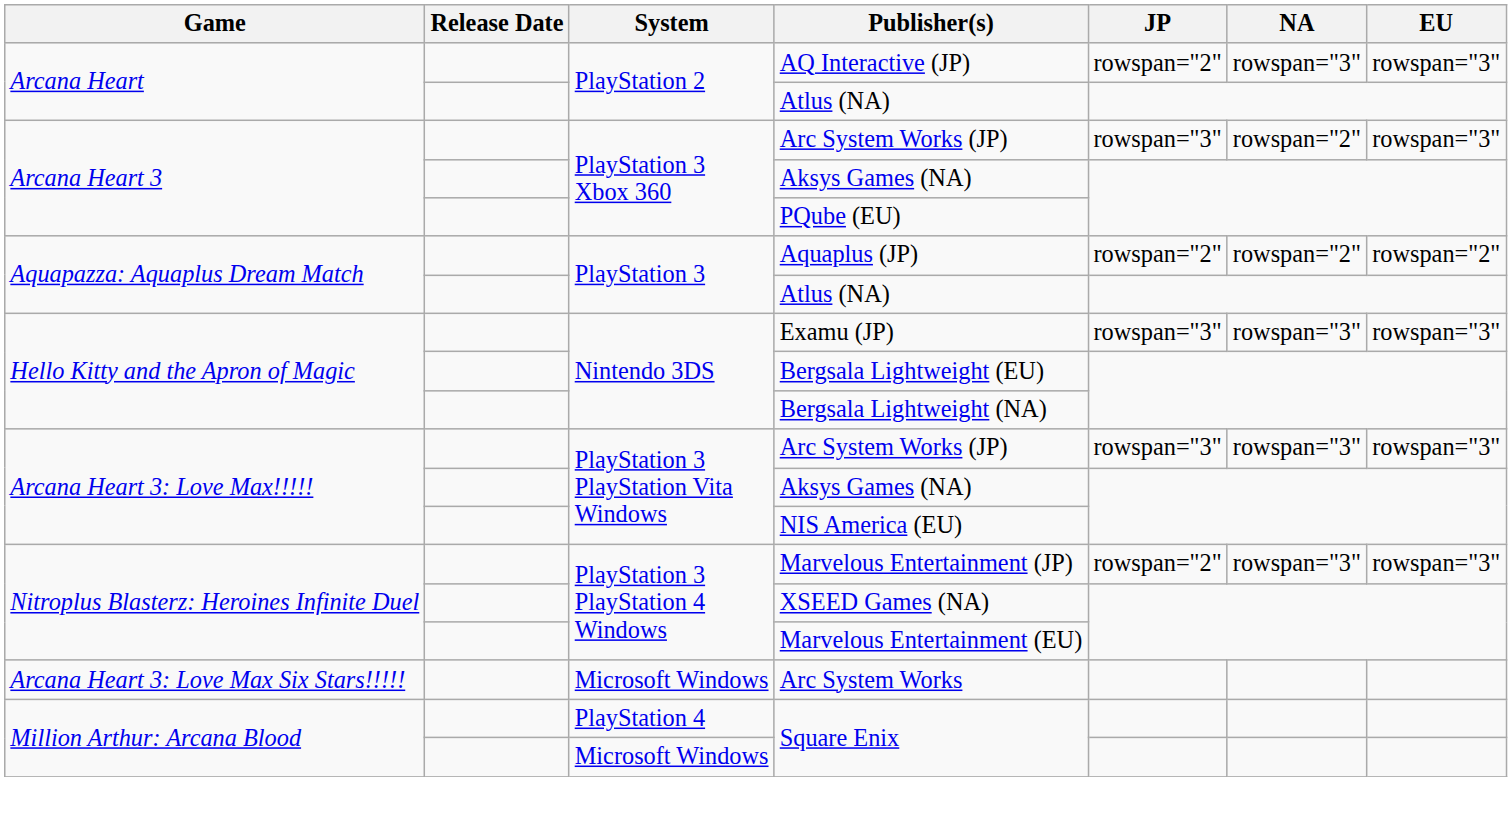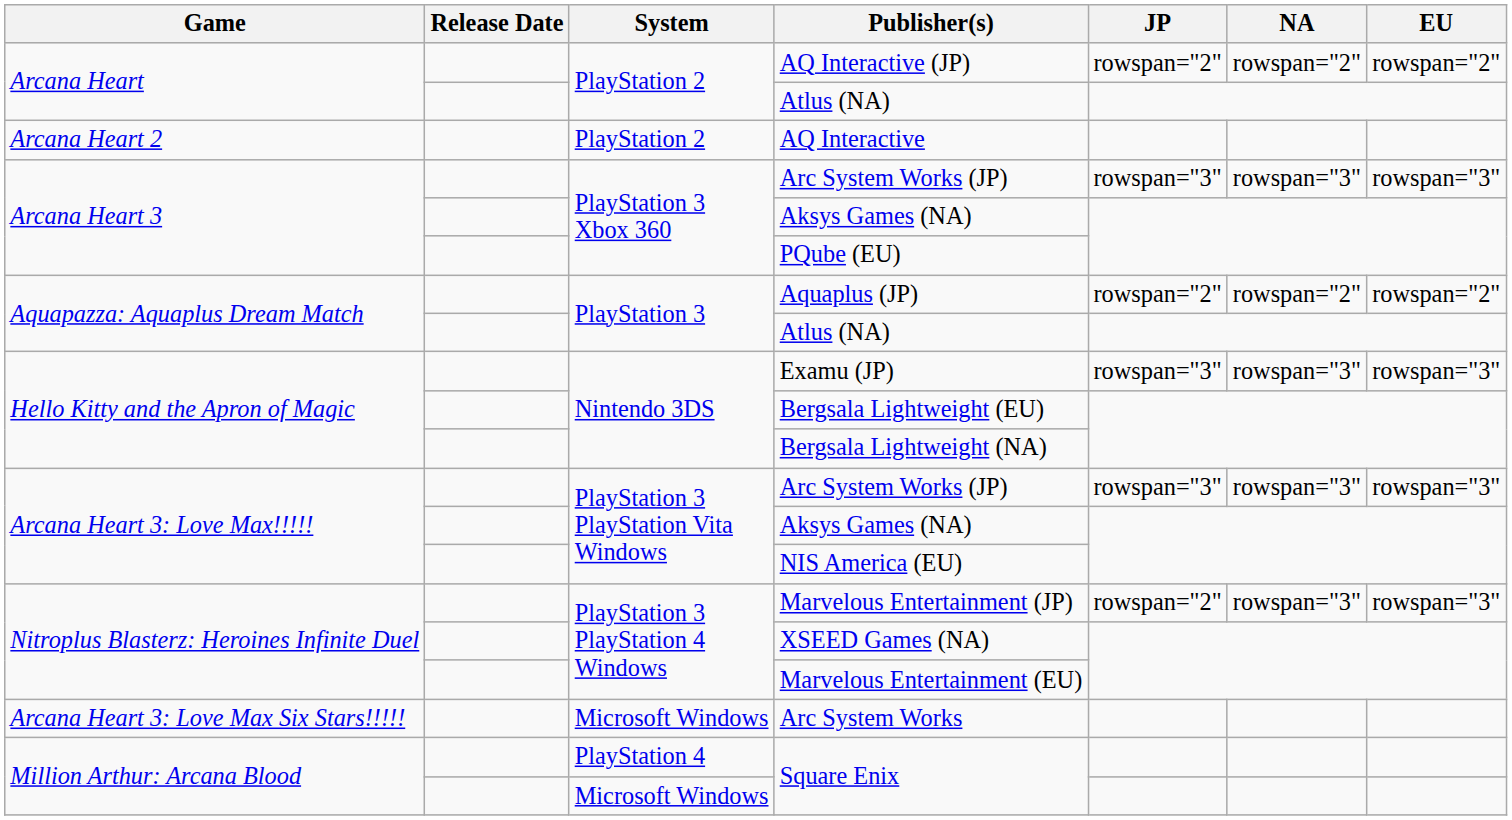 <table class="wikitable sortable">
 <tr>
 <th>Game</th>
 <th>Release Date</th>
 <th>System</th>
 <th>Publisher(s)</th>
 <th>JP</th>
 <th>NA</th>
 <th>EU</th>
 </tr>
 <tr>
 <td rowspan="2"><em><a href='#'>Arcana Heart</a></em></td>
 <td></td>
 <td rowspan="2"><a href='#'>PlayStation 2</a></td>
 <td><a href='#'>AQ Interactive</a> (JP)</td>
 <td>rowspan="2" </td>
-<td>rowspan="3" </td>
-<td>rowspan="3" </td>
+<td>rowspan="2" </td>
+<td>rowspan="2" </td>
 </tr>
 <tr>
 <td></td>
 <td><a href='#'>Atlus</a> (NA)</td>
+</tr>
+<tr>
+<td><em><a href='#'>Arcana Heart 2</a></em></td>
+<td></td>
+<td><a href='#'>PlayStation 2</a></td>
+<td><a href='#'>AQ Interactive</a></td>
+<td></td>
+<td></td>
+<td></td>
 </tr>
 <tr>
 <td rowspan="3"><em><a href='#'>Arcana Heart 3</a></em></td>
 <td></td>
 <td rowspan="3"><a href='#'>PlayStation 3</a><br><a href='#'>Xbox 360</a></td>
 <td><a href='#'>Arc System Works</a> (JP)</td>
 <td>rowspan="3" </td>
-<td>rowspan="2" </td>
+<td>rowspan="3" </td>
 <td>rowspan="3" </td>
 </tr>
 <tr>
 <td></td>
 <td><a href='#'>Aksys Games</a> (NA)</td>
 </tr>
 <tr>
 <td></td>
 <td><a href='#'>PQube</a> (EU)</td>
 </tr>
 <tr>
 <td rowspan="2"><em><a href='#'>Aquapazza: Aquaplus Dream Match</a></em></td>
 <td></td>
 <td rowspan="2"><a href='#'>PlayStation 3</a></td>
 <td><a href='#'>Aquaplus</a> (JP)</td>
 <td>rowspan="2" </td>
 <td>rowspan="2" </td>
 <td>rowspan="2" </td>
 </tr>
 <tr>
 <td></td>
 <td><a href='#'>Atlus</a> (NA)</td>
 </tr>
 <tr>
 <td rowspan="3"><em><a href='#'>Hello Kitty and the Apron of Magic</a></em></td>
 <td></td>
 <td rowspan="3"><a href='#'>Nintendo 3DS</a></td>
 <td>Examu (JP)</td>
 <td>rowspan="3" </td>
 <td>rowspan="3" </td>
 <td>rowspan="3" </td>
 </tr>
 <tr>
 <td></td>
 <td><a href='#'>Bergsala Lightweight</a> (EU)</td>
 </tr>
 <tr>
 <td></td>
 <td><a href='#'>Bergsala Lightweight</a> (NA)</td>
 </tr>
 <tr>
 <td rowspan="3"><em><a href='#'>Arcana Heart 3: Love Max!!!!!</a></em></td>
 <td></td>
 <td rowspan="3"><a href='#'>PlayStation 3</a><br><a href='#'>PlayStation Vita</a><br><a href='#'>Windows</a></td>
 <td><a href='#'>Arc System Works</a> (JP)</td>
 <td>rowspan="3" </td>
 <td>rowspan="3" </td>
 <td>rowspan="3" </td>
 </tr>
 <tr>
 <td></td>
 <td><a href='#'>Aksys Games</a> (NA)</td>
 </tr>
 <tr>
 <td></td>
 <td><a href='#'>NIS America</a> (EU)</td>
 </tr>
 <tr>
 <td rowspan="3"><em><a href='#'>Nitroplus Blasterz: Heroines Infinite Duel</a></em></td>
 <td></td>
 <td rowspan="3"><a href='#'>PlayStation 3</a><br><a href='#'>PlayStation 4</a><br><a href='#'>Windows</a></td>
 <td><a href='#'>Marvelous Entertainment</a> (JP)</td>
 <td>rowspan="2" </td>
 <td>rowspan="3"  </td>
 <td>rowspan="3" </td>
 </tr>
 <tr>
 <td></td>
 <td><a href='#'>XSEED Games</a> (NA)</td>
 </tr>
 <tr>
 <td></td>
 <td><a href='#'>Marvelous Entertainment</a> (EU)</td>
 </tr>
 <tr>
 <td><em><a href='#'>Arcana Heart 3: Love Max Six Stars!!!!!</a></em></td>
 <td></td>
 <td><a href='#'>Microsoft Windows</a></td>
 <td><a href='#'>Arc System Works</a></td>
 <td></td>
 <td></td>
 <td></td>
 </tr>
 <tr>
 <td rowspan="2"><em><a href='#'>Million Arthur: Arcana Blood</a></em></td>
 <td></td>
 <td><a href='#'>PlayStation 4</a></td>
 <td rowspan="2"><a href='#'>Square Enix</a></td>
 <td></td>
 <td></td>
 <td></td>
 </tr>
 <tr>
 <td></td>
 <td><a href='#'>Microsoft Windows</a></td>
 <td></td>
 <td></td>
 <td></td>
 </tr>
 </table>
